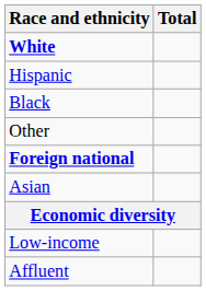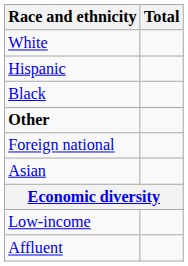 <table class="wikitable floatright sortable collapsible"; text-align:right; font-size:80%;">
 <tr>
 <th>Race and ethnicity</th>
 <th colspan="2" data-sort-type=number>Total</th>
 </tr>
 <tr>
-<td><strong><a href='#'>White</a></strong></td>
+<td><a href='#'>White</a></td>
 <td align=right></td>
 </tr>
 <tr>
 <td><a href='#'>Hispanic</a></td>
 <td align=right></td>
 </tr>
 <tr>
 <td><a href='#'>Black</a></td>
 <td align=right></td>
 </tr>
 <tr>
-<td>Other</td>
+<td><strong>Other</strong></td>
 <td align=right></td>
 </tr>
 <tr>
-<td><strong><a href='#'>Foreign national</a></strong></td>
+<td><a href='#'>Foreign national</a></td>
 <td align=right></td>
 </tr>
 <tr>
 <td><a href='#'>Asian</a></td>
 <td align=right></td>
 </tr>
 <tr>
 <th colspan="4" data-sort-type=number><a href='#'>Economic diversity</a></th>
 </tr>
 <tr>
 <td><a href='#'>Low-income</a></td>
 <td align=right></td>
 </tr>
 <tr>
 <td><a href='#'>Affluent</a></td>
 <td align=right></td>
 </tr>
 </table>
